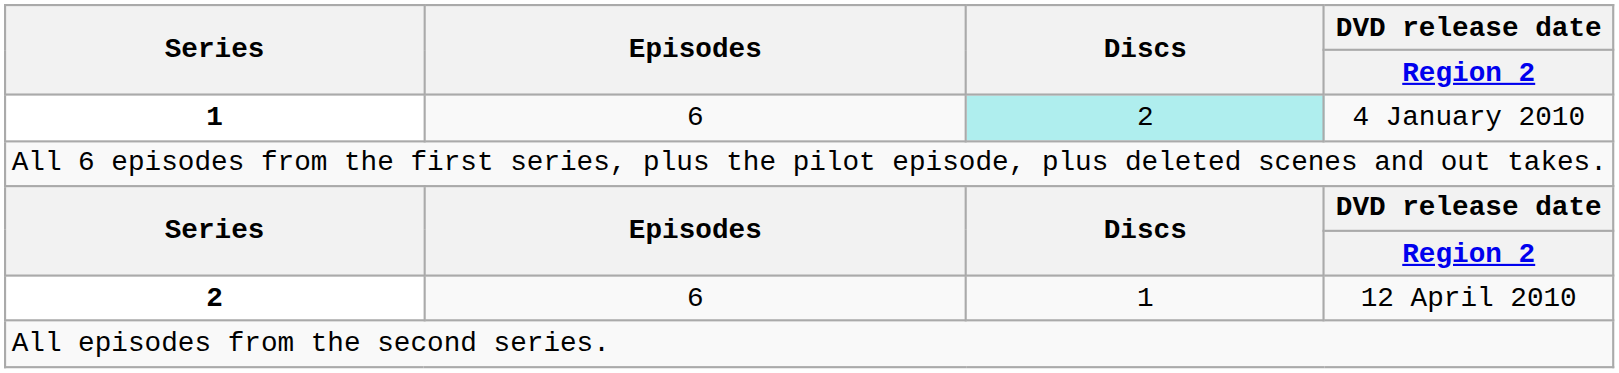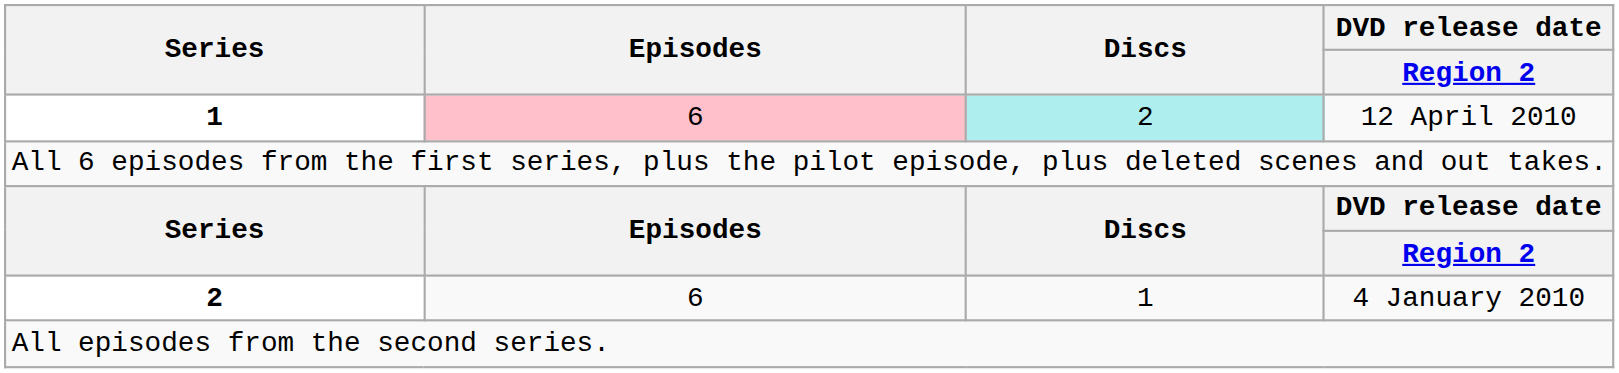 <table class="wikitable">
 <tr>
 <th rowspan="2">Series</th>
 <th rowspan="2">Episodes</th>
 <th rowspan="2">Discs</th>
 <th colspan="5">DVD release date</th>
 </tr>
 <tr>
 <th width=18%><a href='#'>Region 2</a></th>
 </tr>
 <tr>
 <td align="center" bgcolor="#FFFFFF"><strong>1</strong></td>
-<td align="center">6</td>
+<td align="center" style="background: pink;">6</td>
 <td align="center" style="background: paleturquoise;">2</td>
-<td align="center">4 January 2010</td>
+<td align="center">12 April 2010</td>
 </tr>
 <tr>
 <td colspan="8">All 6 episodes from the first series, plus the pilot episode, plus deleted scenes and out takes.</td>
 </tr>
 <tr>
 <th rowspan="2">Series</th>
 <th rowspan="2">Episodes</th>
 <th rowspan="2">Discs</th>
 <th colspan="5">DVD release date</th>
 </tr>
 <tr>
 <th width=18%><a href='#'>Region 2</a></th>
 </tr>
 <tr>
 <td align="center" bgcolor="#FFFFFF"><strong>2</strong></td>
 <td align="center">6</td>
 <td align="center">1</td>
-<td align="center">12 April 2010</td>
+<td align="center">4 January 2010</td>
 </tr>
 <tr>
 <td colspan="8">All episodes from the second series.</td>
 </tr>
 </table>
